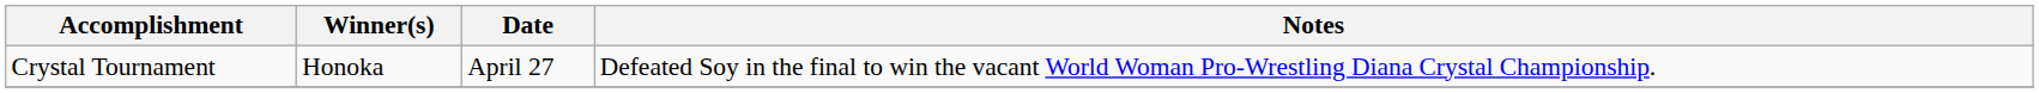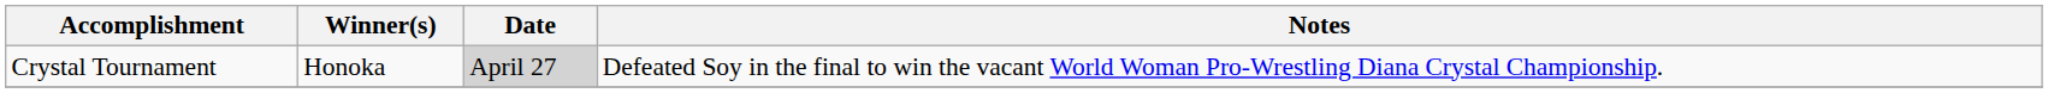 <table class="wikitable" style="width:100%;">
 <tr>
 <th>Accomplishment</th>
 <th>Winner(s)</th>
 <th>Date</th>
 <th>Notes</th>
 </tr>
 <tr>
 <td>Crystal Tournament</td>
 <td>Honoka</td>
-<td>April 27</td>
+<td style="background: lightgrey;">April 27</td>
 <td>Defeated Soy in the final to win the vacant <a href='#'>World Woman Pro-Wrestling Diana Crystal Championship</a>.</td>
 </tr>
 <tr>
 </tr>
 </table>
